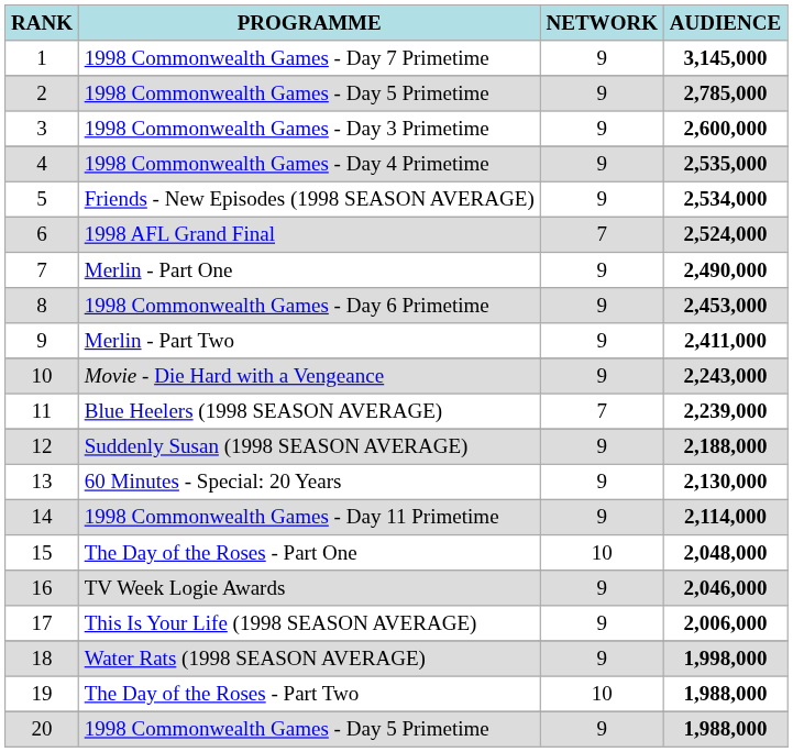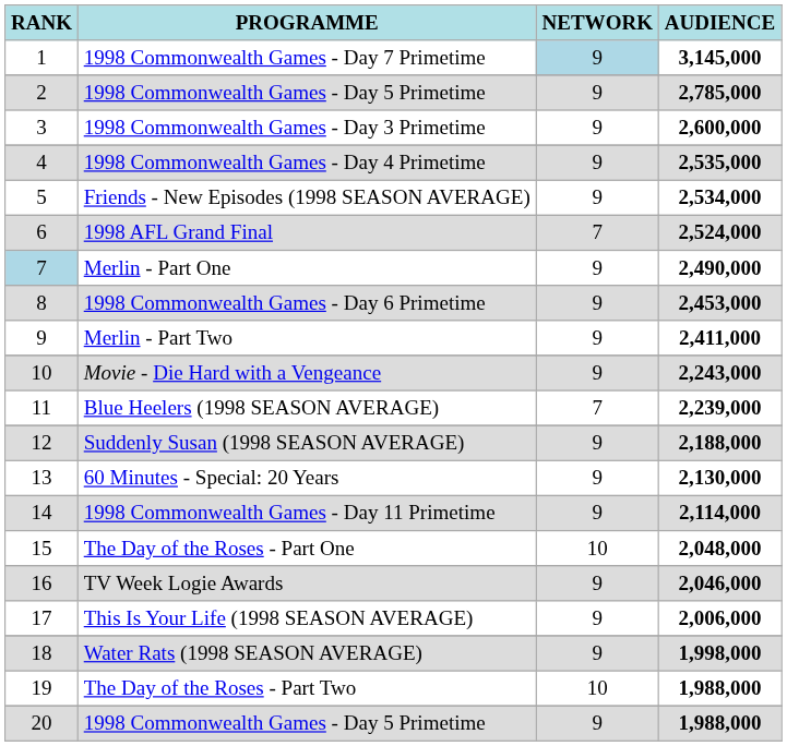 <table border="1" cellpadding="4" cel lspacing="0" style="border:1px solid #aaa; border-collapse:collapse">
 <tr bgcolor="#b0e0e6">
 <th><strong>RANK</strong></th>
 <th><strong>PROGRAMME</strong></th>
 <th><strong>NETWORK</strong></th>
 <th><strong>AUDIENCE</strong></th>
 </tr>
 <tr>
 <td align="center">1</td>
 <td><a href='#'>1998 Commonwealth Games</a> - Day 7 Primetime</td>
-<td align="center">9</td>
+<td align="center" style="background: lightblue;">9</td>
 <th>3,145,000</th>
 </tr>
 <tr>
 </tr>
 <tr bgcolor=gainsboro>
 <td align="center">2</td>
 <td><a href='#'>1998 Commonwealth Games</a> - Day 5 Primetime</td>
 <td align="center">9</td>
 <th>2,785,000</th>
 </tr>
 <tr>
 <td align="center">3</td>
 <td><a href='#'>1998 Commonwealth Games</a> - Day 3 Primetime</td>
 <td align="center">9</td>
 <th>2,600,000</th>
 </tr>
 <tr>
 </tr>
 <tr bgcolor=gainsboro>
 <td align="center">4</td>
 <td><a href='#'>1998 Commonwealth Games</a> - Day 4 Primetime</td>
 <td align="center">9</td>
 <th>2,535,000</th>
 </tr>
 <tr>
 <td align="center">5</td>
 <td><a href='#'>Friends</a> - New Episodes (1998 SEASON AVERAGE)</td>
 <td align="center">9</td>
 <th>2,534,000</th>
 </tr>
 <tr>
 </tr>
 <tr bgcolor=gainsboro>
 <td align="center">6</td>
 <td><a href='#'>1998 AFL Grand Final</a></td>
 <td align="center">7</td>
 <th>2,524,000</th>
 </tr>
 <tr>
-<td align="center">7</td>
+<td align="center" style="background: lightblue;">7</td>
 <td><a href='#'>Merlin</a> - Part One</td>
 <td align="center">9</td>
 <th>2,490,000</th>
 </tr>
 <tr>
 </tr>
 <tr bgcolor=gainsboro>
 <td align="center">8</td>
 <td><a href='#'>1998 Commonwealth Games</a> - Day 6 Primetime</td>
 <td align="center">9</td>
 <th>2,453,000</th>
 </tr>
 <tr>
 <td align="center">9</td>
 <td><a href='#'>Merlin</a> - Part Two</td>
 <td align="center">9</td>
 <th>2,411,000</th>
 </tr>
 <tr>
 </tr>
 <tr bgcolor=gainsboro>
 <td align="center">10</td>
 <td><em>Movie</em> - <a href='#'>Die Hard with a Vengeance</a></td>
 <td align="center">9</td>
 <th>2,243,000</th>
 </tr>
 <tr>
 <td align="center">11</td>
 <td><a href='#'>Blue Heelers</a> (1998 SEASON AVERAGE)</td>
 <td align="center">7</td>
 <th>2,239,000</th>
 </tr>
 <tr>
 </tr>
 <tr bgcolor=gainsboro>
 <td align="center">12</td>
 <td><a href='#'>Suddenly Susan</a> (1998 SEASON AVERAGE)</td>
 <td align="center">9</td>
 <th>2,188,000</th>
 </tr>
 <tr>
 <td align="center">13</td>
 <td><a href='#'>60 Minutes</a> - Special: 20 Years</td>
 <td align="center">9</td>
 <th>2,130,000</th>
 </tr>
 <tr>
 </tr>
 <tr bgcolor=gainsboro>
 <td align="center">14</td>
 <td><a href='#'>1998 Commonwealth Games</a> - Day 11 Primetime</td>
 <td align="center">9</td>
 <th>2,114,000</th>
 </tr>
 <tr>
 <td align="center">15</td>
 <td><a href='#'>The Day of the Roses</a> - Part One</td>
 <td align="center">10</td>
 <th>2,048,000</th>
 </tr>
 <tr>
 </tr>
 <tr bgcolor=gainsboro>
 <td align="center">16</td>
 <td>TV Week Logie Awards</td>
 <td align="center">9</td>
 <th>2,046,000</th>
 </tr>
 <tr>
 <td align="center">17</td>
 <td><a href='#'>This Is Your Life</a> (1998 SEASON AVERAGE)</td>
 <td align="center">9</td>
 <th>2,006,000</th>
 </tr>
 <tr>
 </tr>
 <tr bgcolor=gainsboro>
 <td align="center">18</td>
 <td><a href='#'>Water Rats</a> (1998 SEASON AVERAGE)</td>
 <td align="center">9</td>
 <th>1,998,000</th>
 </tr>
 <tr>
 <td align="center">19</td>
 <td><a href='#'>The Day of the Roses</a> - Part Two</td>
 <td align="center">10</td>
 <th>1,988,000</th>
 </tr>
 <tr>
 </tr>
 <tr bgcolor=gainsboro>
 <td align="center">20</td>
 <td><a href='#'>1998 Commonwealth Games</a> - Day 5 Primetime</td>
 <td align="center">9</td>
 <th>1,988,000</th>
 </tr>
 </table>
